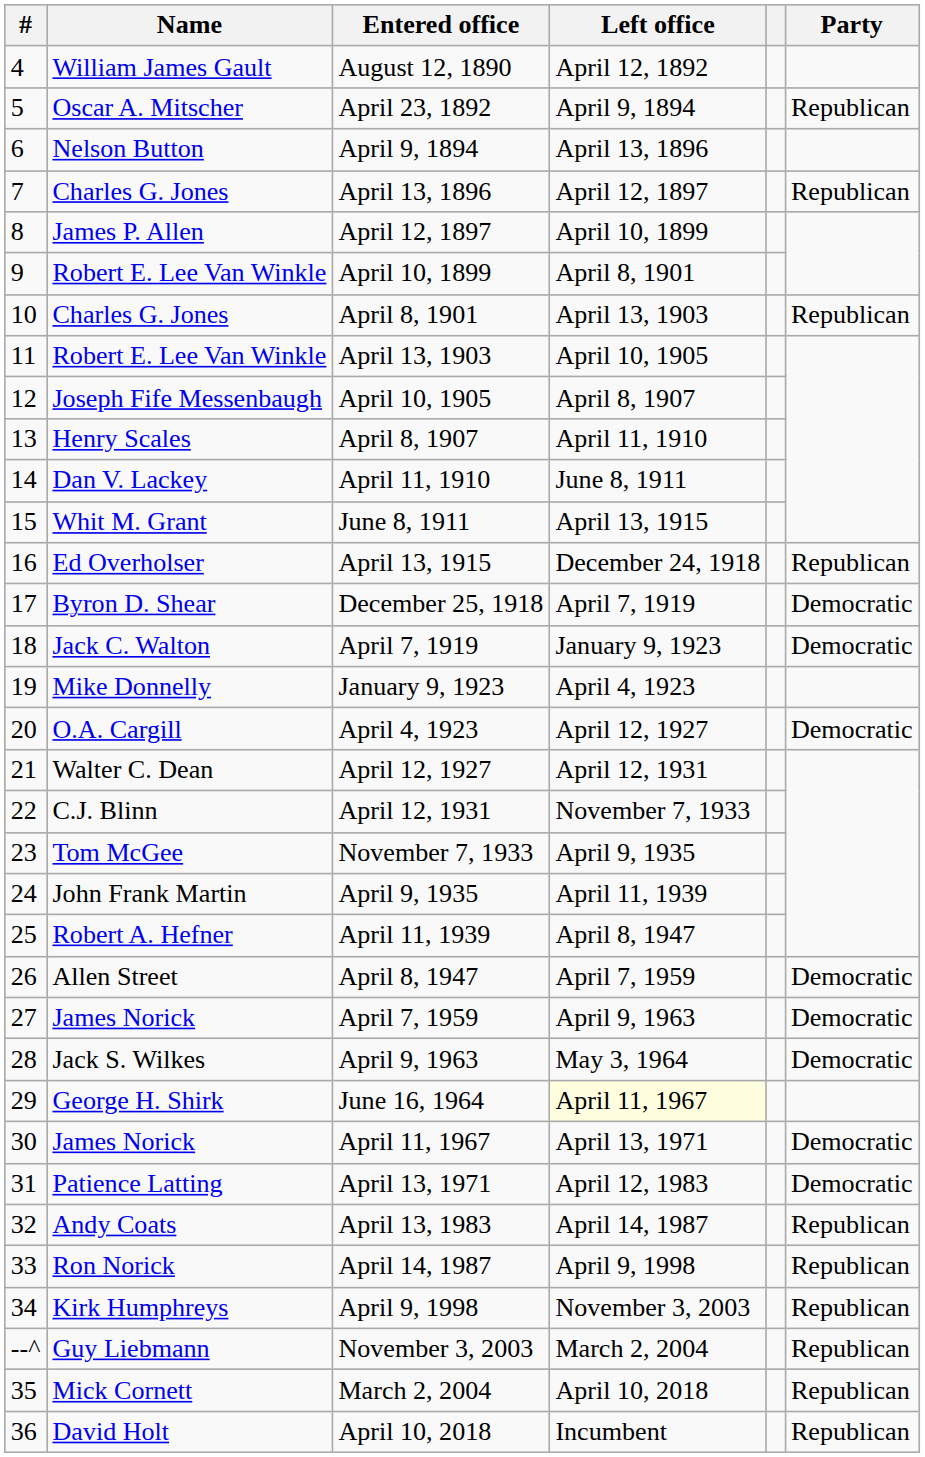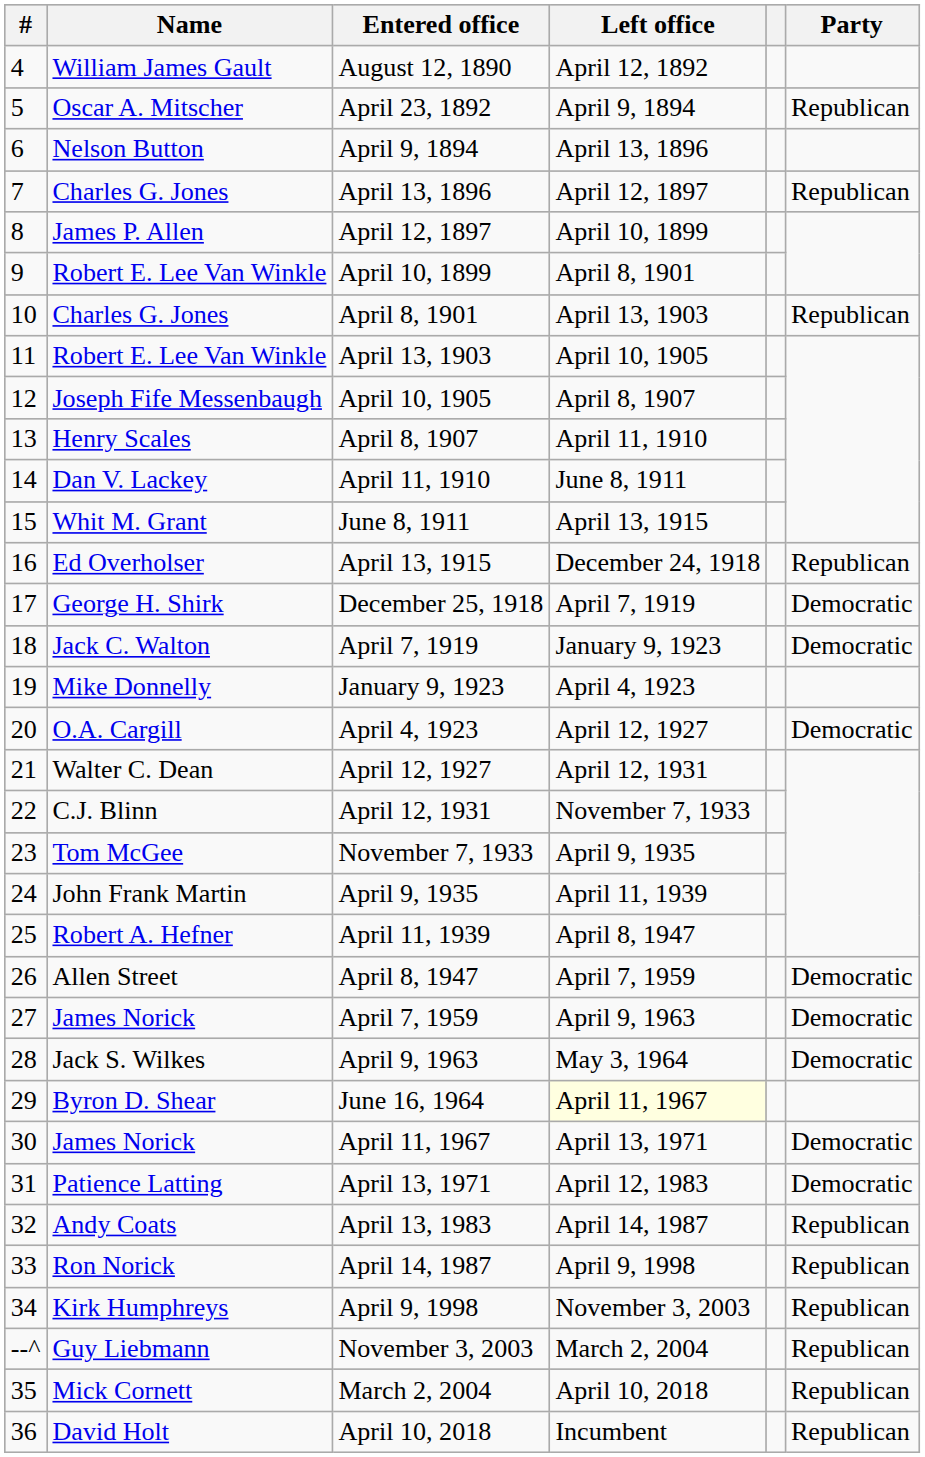 <table class="wikitable">
 <tr>
 <th>#</th>
 <th>Name</th>
 <th>Entered office</th>
 <th>Left office</th>
 <th></th>
 <th>Party</th>
 </tr>
 <tr>
 <td>4</td>
 <td><a href='#'>William James Gault</a></td>
 <td>August 12, 1890</td>
 <td>April 12, 1892</td>
 <td></td>
 <td></td>
 </tr>
 <tr>
 <td>5</td>
 <td><a href='#'>Oscar A. Mitscher</a></td>
 <td>April 23, 1892</td>
 <td>April 9, 1894</td>
 <td style="background:"> </td>
 <td>Republican</td>
 </tr>
 <tr>
 <td>6</td>
 <td><a href='#'>Nelson Button</a></td>
 <td>April 9, 1894</td>
 <td>April 13, 1896</td>
 <td></td>
 </tr>
 <tr>
 <td>7</td>
 <td><a href='#'>Charles G. Jones</a></td>
 <td>April 13, 1896</td>
 <td>April 12, 1897</td>
 <td style="background:"> </td>
 <td>Republican</td>
 </tr>
 <tr>
 <td>8</td>
 <td><a href='#'>James P. Allen</a></td>
 <td>April 12, 1897</td>
 <td>April 10, 1899</td>
 <td></td>
 </tr>
 <tr>
 <td>9</td>
 <td><a href='#'>Robert E. Lee Van Winkle</a></td>
 <td>April 10, 1899</td>
 <td>April 8, 1901</td>
 <td></td>
 </tr>
 <tr>
 <td>10</td>
 <td><a href='#'>Charles G. Jones</a></td>
 <td>April 8, 1901</td>
 <td>April 13, 1903</td>
 <td style="background:"> </td>
 <td>Republican</td>
 </tr>
 <tr>
 <td>11</td>
 <td><a href='#'>Robert E. Lee Van Winkle</a></td>
 <td>April 13, 1903</td>
 <td>April 10, 1905</td>
 <td></td>
 </tr>
 <tr>
 <td>12</td>
 <td><a href='#'>Joseph Fife Messenbaugh</a></td>
 <td>April 10, 1905</td>
 <td>April 8, 1907</td>
 <td></td>
 </tr>
 <tr>
 <td>13</td>
 <td><a href='#'>Henry Scales</a></td>
 <td>April 8, 1907</td>
 <td>April 11, 1910</td>
 <td></td>
 </tr>
 <tr>
 <td>14</td>
 <td><a href='#'>Dan V. Lackey</a></td>
 <td>April 11, 1910</td>
 <td>June 8, 1911</td>
 <td></td>
 </tr>
 <tr>
 <td>15</td>
 <td><a href='#'>Whit M. Grant</a></td>
 <td>June 8, 1911</td>
 <td>April 13, 1915</td>
 <td></td>
 </tr>
 <tr>
 <td>16</td>
 <td><a href='#'>Ed Overholser</a></td>
 <td>April 13, 1915</td>
 <td>December 24, 1918</td>
 <td style="background:"> </td>
 <td>Republican</td>
 </tr>
 <tr>
 <td>17</td>
-<td><a href='#'>Byron D. Shear</a></td>
+<td><a href='#'>George H. Shirk</a></td>
 <td>December 25, 1918</td>
 <td>April 7, 1919</td>
 <td style="background:"> </td>
 <td>Democratic</td>
 </tr>
 <tr>
 <td>18</td>
 <td><a href='#'>Jack C. Walton</a></td>
 <td>April 7, 1919</td>
 <td>January 9, 1923</td>
 <td style="background:"> </td>
 <td>Democratic</td>
 </tr>
 <tr>
 <td>19</td>
 <td><a href='#'>Mike Donnelly</a></td>
 <td>January 9, 1923</td>
 <td>April 4, 1923</td>
 <td></td>
 </tr>
 <tr>
 <td>20</td>
 <td><a href='#'>O.A. Cargill</a></td>
 <td>April 4, 1923</td>
 <td>April 12, 1927</td>
 <td style="background:"> </td>
 <td>Democratic</td>
 </tr>
 <tr>
 <td>21</td>
 <td>Walter C. Dean</td>
 <td>April 12, 1927</td>
 <td>April 12, 1931</td>
 <td></td>
 </tr>
 <tr>
 <td>22</td>
 <td>C.J. Blinn</td>
 <td>April 12, 1931</td>
 <td>November 7, 1933</td>
 <td></td>
 </tr>
 <tr>
 <td>23</td>
 <td><a href='#'>Tom McGee</a></td>
 <td>November 7, 1933</td>
 <td>April 9, 1935</td>
 <td></td>
 </tr>
 <tr>
 <td>24</td>
 <td>John Frank Martin</td>
 <td>April 9, 1935</td>
 <td>April 11, 1939</td>
 <td></td>
 </tr>
 <tr>
 <td>25</td>
 <td><a href='#'>Robert A. Hefner</a></td>
 <td>April 11, 1939</td>
 <td>April 8, 1947</td>
 <td></td>
 </tr>
 <tr>
 <td>26</td>
 <td>Allen Street</td>
 <td>April 8, 1947</td>
 <td>April 7, 1959</td>
 <td style="background:"> </td>
 <td>Democratic</td>
 </tr>
 <tr>
 <td>27</td>
 <td><a href='#'>James Norick</a></td>
 <td>April 7, 1959</td>
 <td>April 9, 1963</td>
 <td style="background:"> </td>
 <td>Democratic</td>
 </tr>
 <tr>
 <td>28</td>
 <td>Jack S. Wilkes </td>
 <td>April 9, 1963</td>
 <td>May 3, 1964</td>
 <td style="background:"> </td>
 <td>Democratic</td>
 </tr>
 <tr>
 <td>29</td>
-<td><a href='#'>George H. Shirk</a></td>
+<td><a href='#'>Byron D. Shear</a></td>
 <td>June 16, 1964</td>
 <td style="background: lightyellow;">April 11, 1967</td>
 <td></td>
 </tr>
 <tr>
 <td>30</td>
 <td><a href='#'>James Norick</a></td>
 <td>April 11, 1967</td>
 <td>April 13, 1971</td>
 <td style="background:"> </td>
 <td>Democratic</td>
 </tr>
 <tr>
 <td>31</td>
 <td><a href='#'>Patience Latting</a></td>
 <td>April 13, 1971</td>
 <td>April 12, 1983</td>
 <td style="background:"> </td>
 <td>Democratic</td>
 </tr>
 <tr>
 <td>32</td>
 <td><a href='#'>Andy Coats</a></td>
 <td>April 13, 1983</td>
 <td>April 14, 1987</td>
 <td style="background:"> </td>
 <td>Republican</td>
 </tr>
 <tr>
 <td>33</td>
 <td><a href='#'>Ron Norick</a></td>
 <td>April 14, 1987</td>
 <td>April 9, 1998</td>
 <td style="background:"> </td>
 <td>Republican</td>
 </tr>
 <tr>
 <td>34</td>
 <td><a href='#'>Kirk Humphreys</a></td>
 <td>April 9, 1998</td>
 <td>November 3, 2003</td>
 <td style="background:"> </td>
 <td>Republican</td>
 </tr>
 <tr>
 <td>--^</td>
 <td><a href='#'>Guy Liebmann</a></td>
 <td>November 3, 2003</td>
 <td>March 2, 2004</td>
 <td style="background:"> </td>
 <td>Republican</td>
 </tr>
 <tr>
 <td>35</td>
 <td><a href='#'>Mick Cornett</a></td>
 <td>March 2, 2004</td>
 <td>April 10, 2018</td>
 <td style="background:"> </td>
 <td>Republican</td>
 </tr>
 <tr>
 <td>36</td>
 <td><a href='#'>David Holt</a></td>
 <td>April 10, 2018</td>
 <td>Incumbent</td>
 <td style="background:"> </td>
 <td>Republican</td>
 </tr>
 </table>
